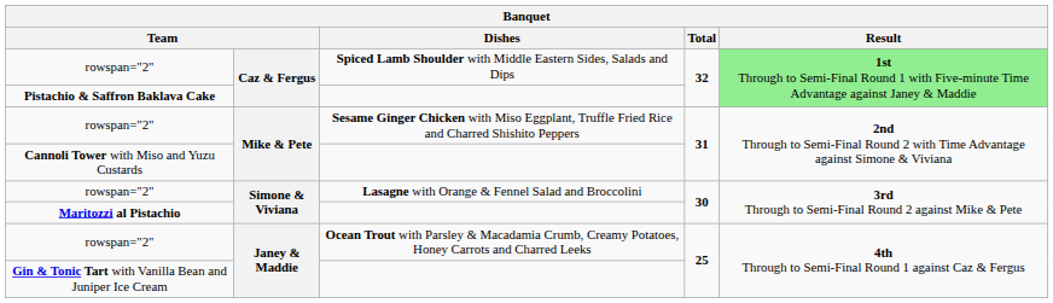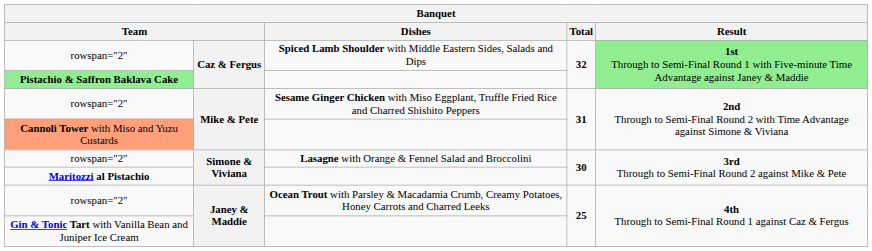 <table class="wikitable plainrowheaders" style="margin:1em auto; text-align:center; font-size:90%; width:80em;">
 <tr>
 <th colspan="7" >Banquet</th>
 </tr>
 <tr>
 <th colspan="2">Team</th>
 <th>Dishes</th>
 <th>Total<br><small></small></th>
 <th>Result</th>
 </tr>
 <tr>
 <td>rowspan="2" </td>
 <th rowspan="2">Caz & Fergus</th>
 <td><strong>Spiced Lamb Shoulder</strong> with Middle Eastern Sides, Salads and Dips</td>
 <td rowspan="2"><strong>32</strong></td>
 <td rowspan="2" bgcolor="lightgreen"><strong>1st</strong><br>Through to Semi-Final Round 1 with Five-minute Time Advantage against Janey & Maddie</td>
 </tr>
 <tr>
-<td><strong>Pistachio & Saffron Baklava Cake</strong></td>
+<td style="background: lightgreen;"><strong>Pistachio & Saffron Baklava Cake</strong></td>
 </tr>
 <tr>
 <td>rowspan="2" </td>
 <th rowspan="2">Mike & Pete</th>
 <td><strong>Sesame Ginger Chicken</strong> with Miso Eggplant, Truffle Fried Rice and Charred Shishito Peppers</td>
 <td rowspan="2"><strong>31</strong></td>
 <td rowspan="2"><strong>2nd</strong><br>Through to Semi-Final Round 2 with Time Advantage against Simone & Viviana</td>
 </tr>
 <tr>
-<td><strong>Cannoli Tower</strong> with Miso and Yuzu Custards</td>
+<td style="background: lightsalmon;"><strong>Cannoli Tower</strong> with Miso and Yuzu Custards</td>
 </tr>
 <tr>
 <td>rowspan="2" </td>
 <th rowspan="2">Simone & Viviana</th>
 <td><strong>Lasagne</strong> with Orange & Fennel Salad and Broccolini</td>
 <td rowspan="2"><strong>30</strong></td>
 <td rowspan="2"><strong>3rd</strong><br>Through to Semi-Final Round 2 against Mike & Pete</td>
 </tr>
 <tr>
 <td><strong><a href='#'>Maritozzi</a> al Pistachio</strong></td>
 </tr>
 <tr>
 <td>rowspan="2" </td>
 <th rowspan="2">Janey & Maddie</th>
 <td><strong>Ocean Trout</strong> with Parsley & Macadamia Crumb, Creamy Potatoes, Honey Carrots and Charred Leeks</td>
 <td rowspan="2"><strong>25</strong></td>
 <td rowspan="2"><strong>4th</strong><br>Through to Semi-Final Round 1 against Caz & Fergus</td>
 </tr>
 <tr>
 <td><strong><a href='#'>Gin & Tonic</a> Tart</strong> with Vanilla Bean and Juniper Ice Cream</td>
 </tr>
 </table>
